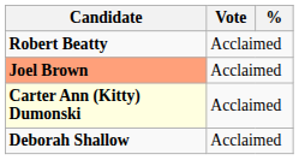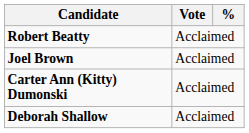 <table class="wikitable">
 <tr>
 <th bgcolor="#DDDDFF" width="190px">Candidate</th>
 <th bgcolor="#DDDDFF" width="40px">Vote</th>
 <th bgcolor="#DDDDFF" width="30px">%</th>
 </tr>
 <tr>
 <td><strong>Robert Beatty</strong></td>
 <td colspan="2">Acclaimed</td>
 </tr>
 <tr>
-<td style="background: lightsalmon;"><strong>Joel Brown</strong></td>
+<td><strong>Joel Brown</strong></td>
 <td colspan="2">Acclaimed</td>
 </tr>
 <tr>
-<td style="background: lightyellow;"><strong>Carter Ann (Kitty) Dumonski</strong></td>
+<td><strong>Carter Ann (Kitty) Dumonski</strong></td>
 <td colspan="2">Acclaimed</td>
 </tr>
 <tr>
 <td><strong>Deborah Shallow</strong></td>
 <td colspan="2">Acclaimed</td>
 </tr>
 </table>
